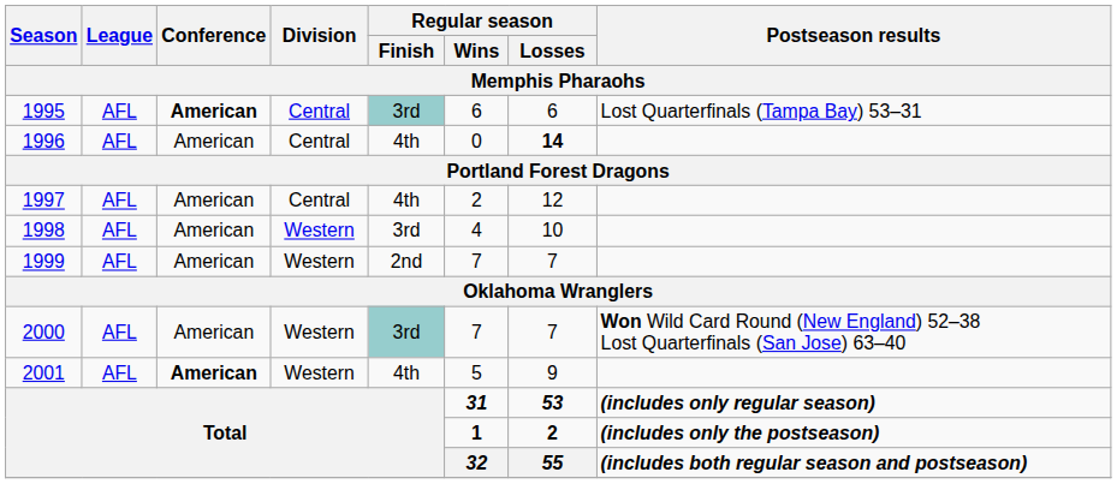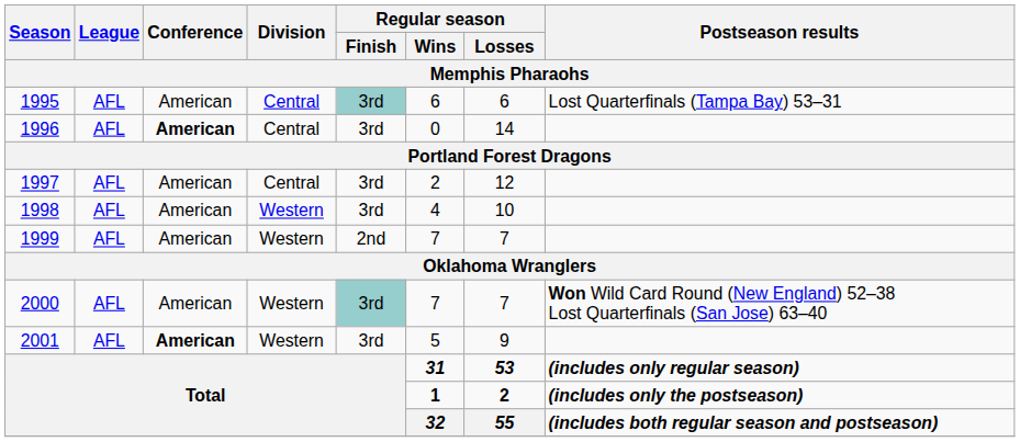 <table class="wikitable" style="font-size: 95%; width:70%;">
 <tr>
 <th rowspan="2" style="width:5%;"><a href='#'>Season</a></th>
 <th rowspan="2" style="width:5%;"><a href='#'>League</a></th>
 <th rowspan="2" style="width:5%;">Conference</th>
 <th rowspan="2">Division</th>
 <th colspan="3">Regular season</th>
 <th rowspan="2">Postseason results</th>
 </tr>
 <tr>
 <th>Finish</th>
 <th>Wins</th>
 <th>Losses</th>
 </tr>
 <tr>
 <th colspan="8">Memphis Pharaohs</th>
 </tr>
 <tr>
 <td align="center"><a href='#'>1995</a></td>
 <td align="center"><a href='#'>AFL</a></td>
-<td align="center"><strong>American</strong></td>
+<td align="center">American</td>
 <td align="center"><a href='#'>Central</a></td>
 <td align="center" bgcolor="#96CDCD">3rd</td>
 <td align="center">6</td>
 <td align="center">6</td>
 <td>Lost Quarterfinals (<a href='#'>Tampa Bay</a>) 53–31</td>
 </tr>
 <tr>
 <td align="center"><a href='#'>1996</a></td>
 <td align="center"><a href='#'>AFL</a></td>
-<td align="center">American</td>
+<td align="center"><strong>American</strong></td>
 <td align="center">Central</td>
-<td align="center">4th</td>
+<td align="center">3rd</td>
 <td align="center">0</td>
-<td align="center"><strong>14</strong></td>
+<td align="center">14</td>
 <td></td>
 </tr>
 <tr>
 <th colspan="8">Portland Forest Dragons</th>
 </tr>
 <tr>
 <td align="center"><a href='#'>1997</a></td>
 <td align="center"><a href='#'>AFL</a></td>
 <td align="center">American</td>
 <td align="center">Central</td>
-<td align="center">4th</td>
+<td align="center">3rd</td>
 <td align="center">2</td>
 <td align="center">12</td>
 <td></td>
 </tr>
 <tr>
 <td align="center"><a href='#'>1998</a></td>
 <td align="center"><a href='#'>AFL</a></td>
 <td align="center">American</td>
 <td align="center"><a href='#'>Western</a></td>
 <td align="center">3rd</td>
 <td align="center">4</td>
 <td align="center">10</td>
 <td></td>
 </tr>
 <tr>
 <td align="center"><a href='#'>1999</a></td>
 <td align="center"><a href='#'>AFL</a></td>
 <td align="center">American</td>
 <td align="center">Western</td>
 <td align="center">2nd</td>
 <td align="center">7</td>
 <td align="center">7</td>
 <td></td>
 </tr>
 <tr>
 <th colspan="8">Oklahoma Wranglers</th>
 </tr>
 <tr>
 <td align="center"><a href='#'>2000</a></td>
 <td align="center"><a href='#'>AFL</a></td>
 <td align="center">American</td>
 <td align="center">Western</td>
 <td align="center" bgcolor="#96CDCD">3rd</td>
 <td align="center">7</td>
 <td align="center">7</td>
 <td><strong>Won</strong> Wild Card Round (<a href='#'>New England</a>) 52–38 <br> Lost Quarterfinals (<a href='#'>San Jose</a>) 63–40</td>
 </tr>
 <tr>
 <td align="center"><a href='#'>2001</a></td>
 <td align="center"><a href='#'>AFL</a></td>
 <td align="center"><strong>American</strong></td>
 <td align="center">Western</td>
-<td align="center">4th</td>
+<td align="center">3rd</td>
 <td align="center">5</td>
 <td align="center">9</td>
 <td></td>
 </tr>
 <tr>
 <th align="center" rowSpan="3" colSpan="5">Total</th>
 <td align="center"><strong><em>31</em></strong></td>
 <td align="center"><strong><em>53</em></strong></td>
 <td colSpan="2"><strong><em>(includes only regular season)</em></strong></td>
 </tr>
 <tr>
 <td align="center"><strong>1</strong></td>
 <td align="center"><strong>2</strong></td>
 <td colSpan="2"><strong><em>(includes only the postseason)</em></strong></td>
 </tr>
 <tr>
 <th align="center"><em>32</em></th>
 <th align="center"><em>55</em></th>
 <td colSpan="2"><strong><em>(includes both regular season and postseason)</em></strong></td>
 </tr>
 <tr>
 </tr>
 </table>
